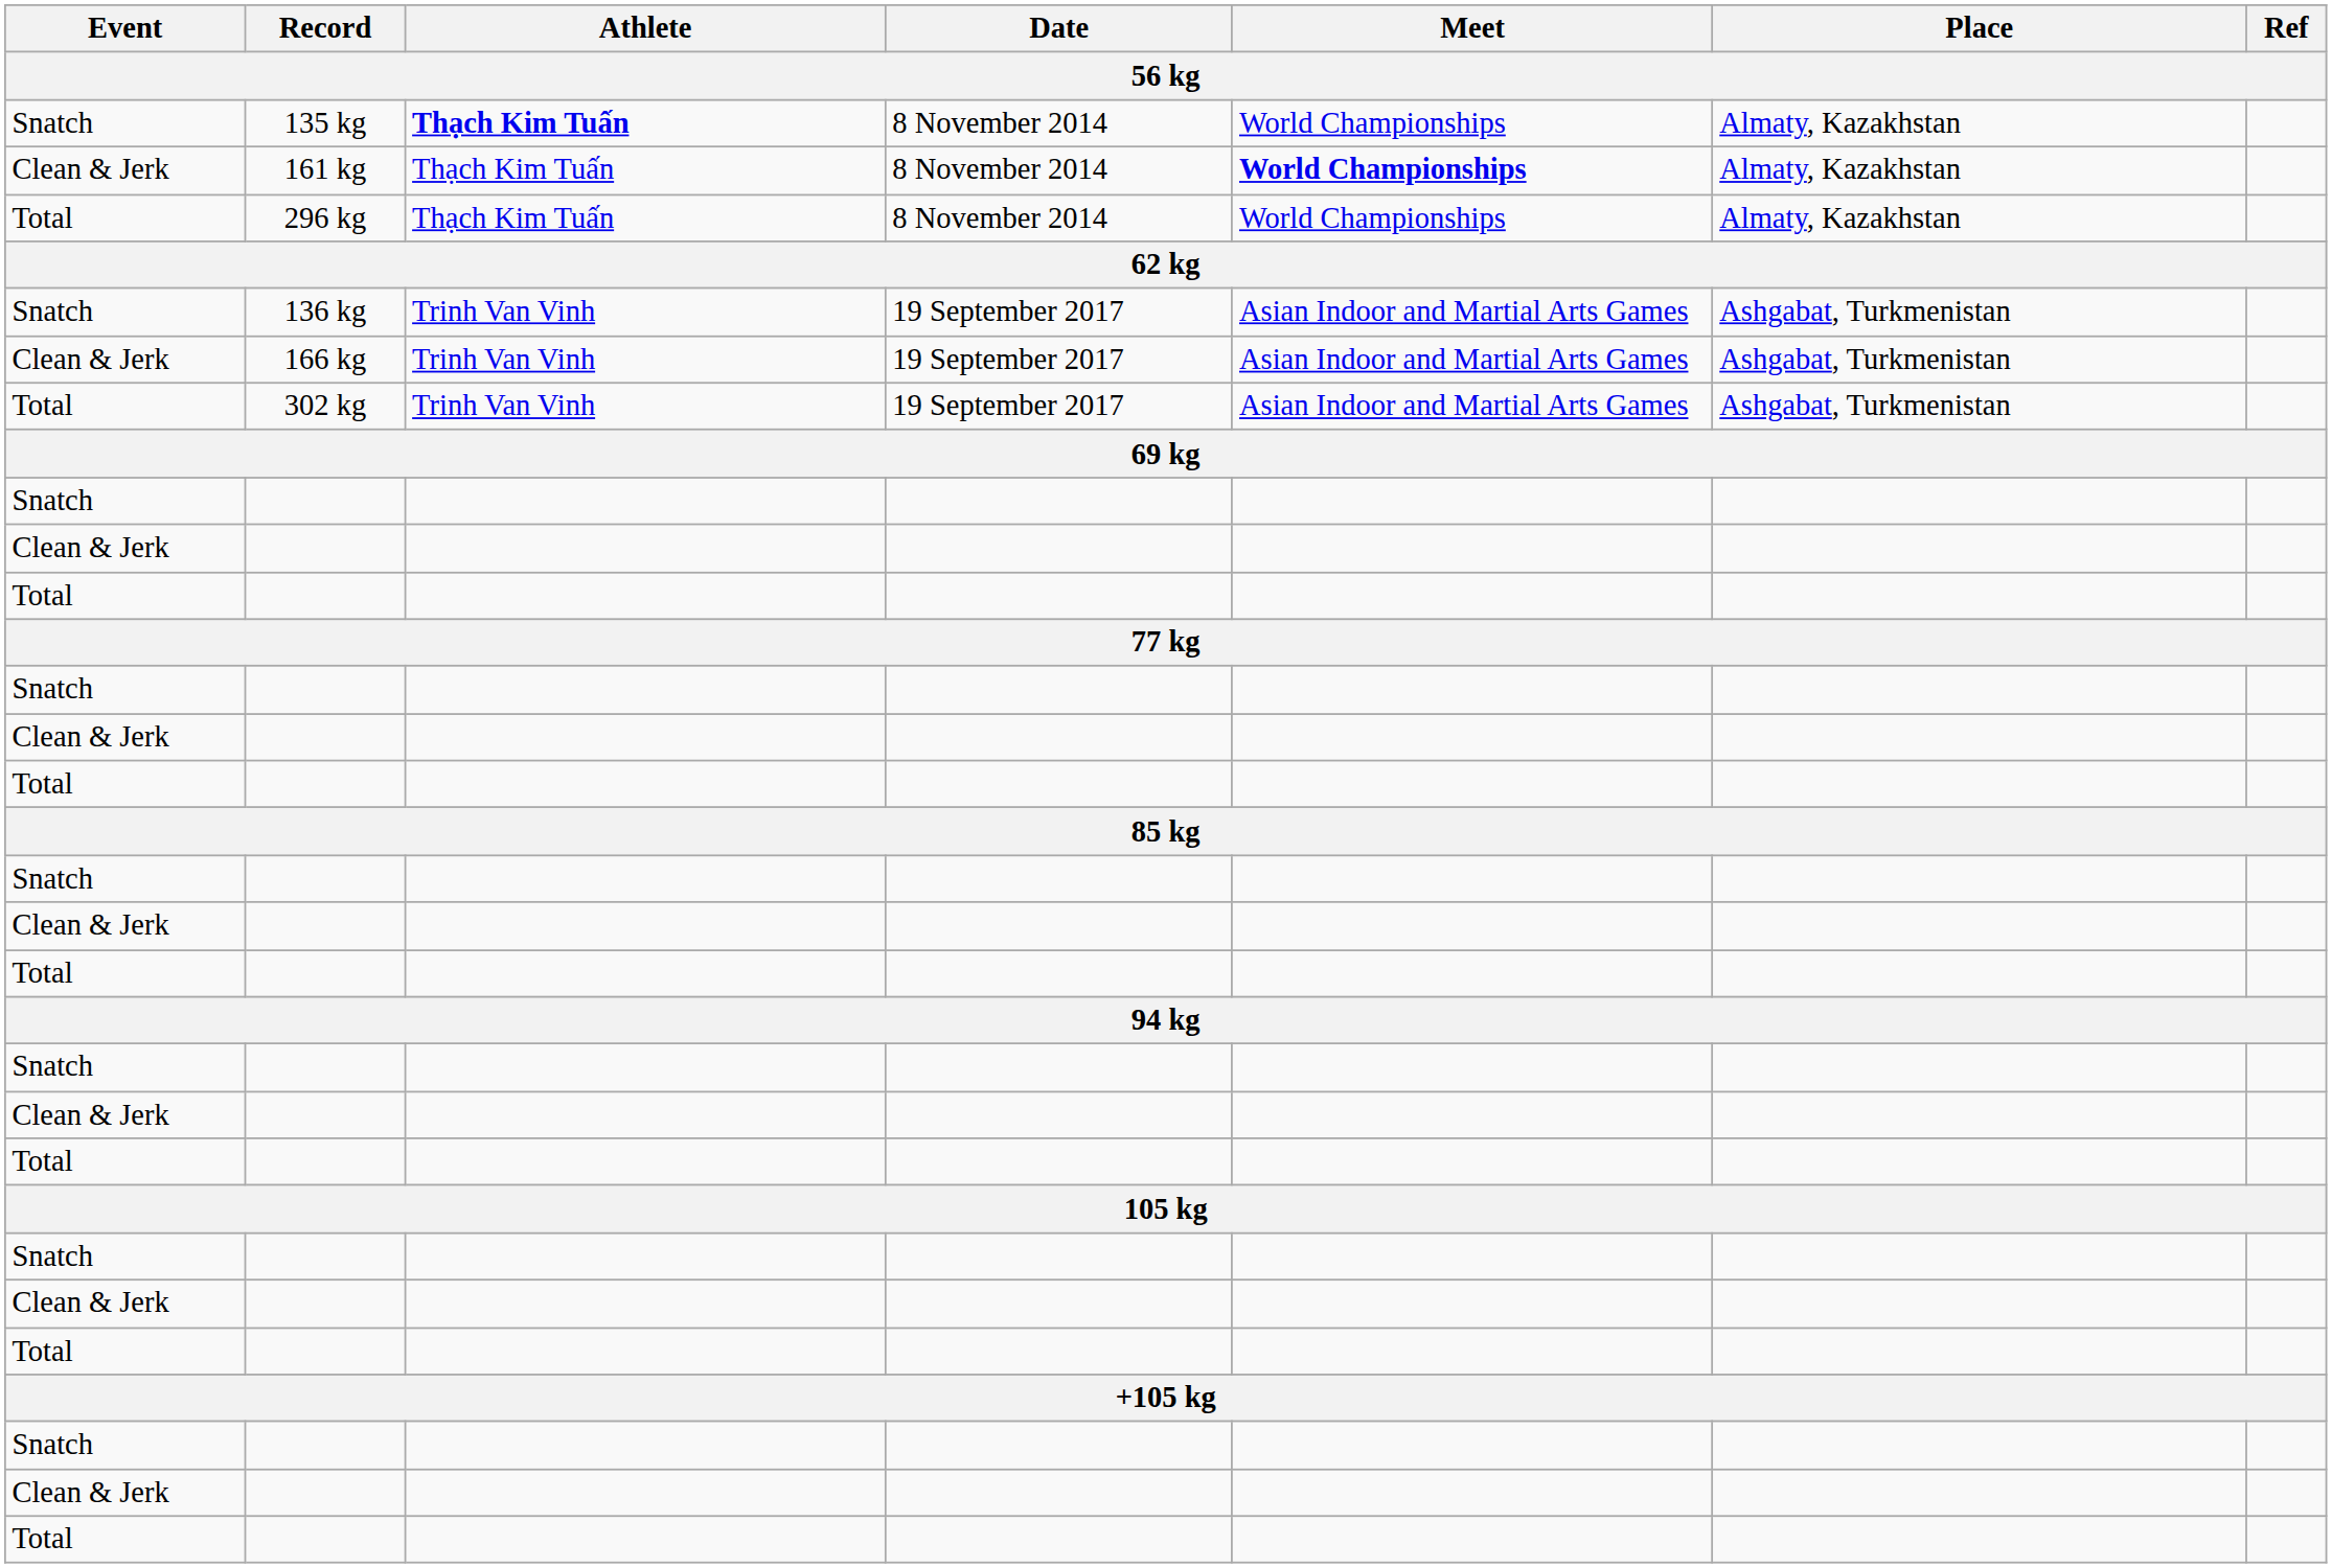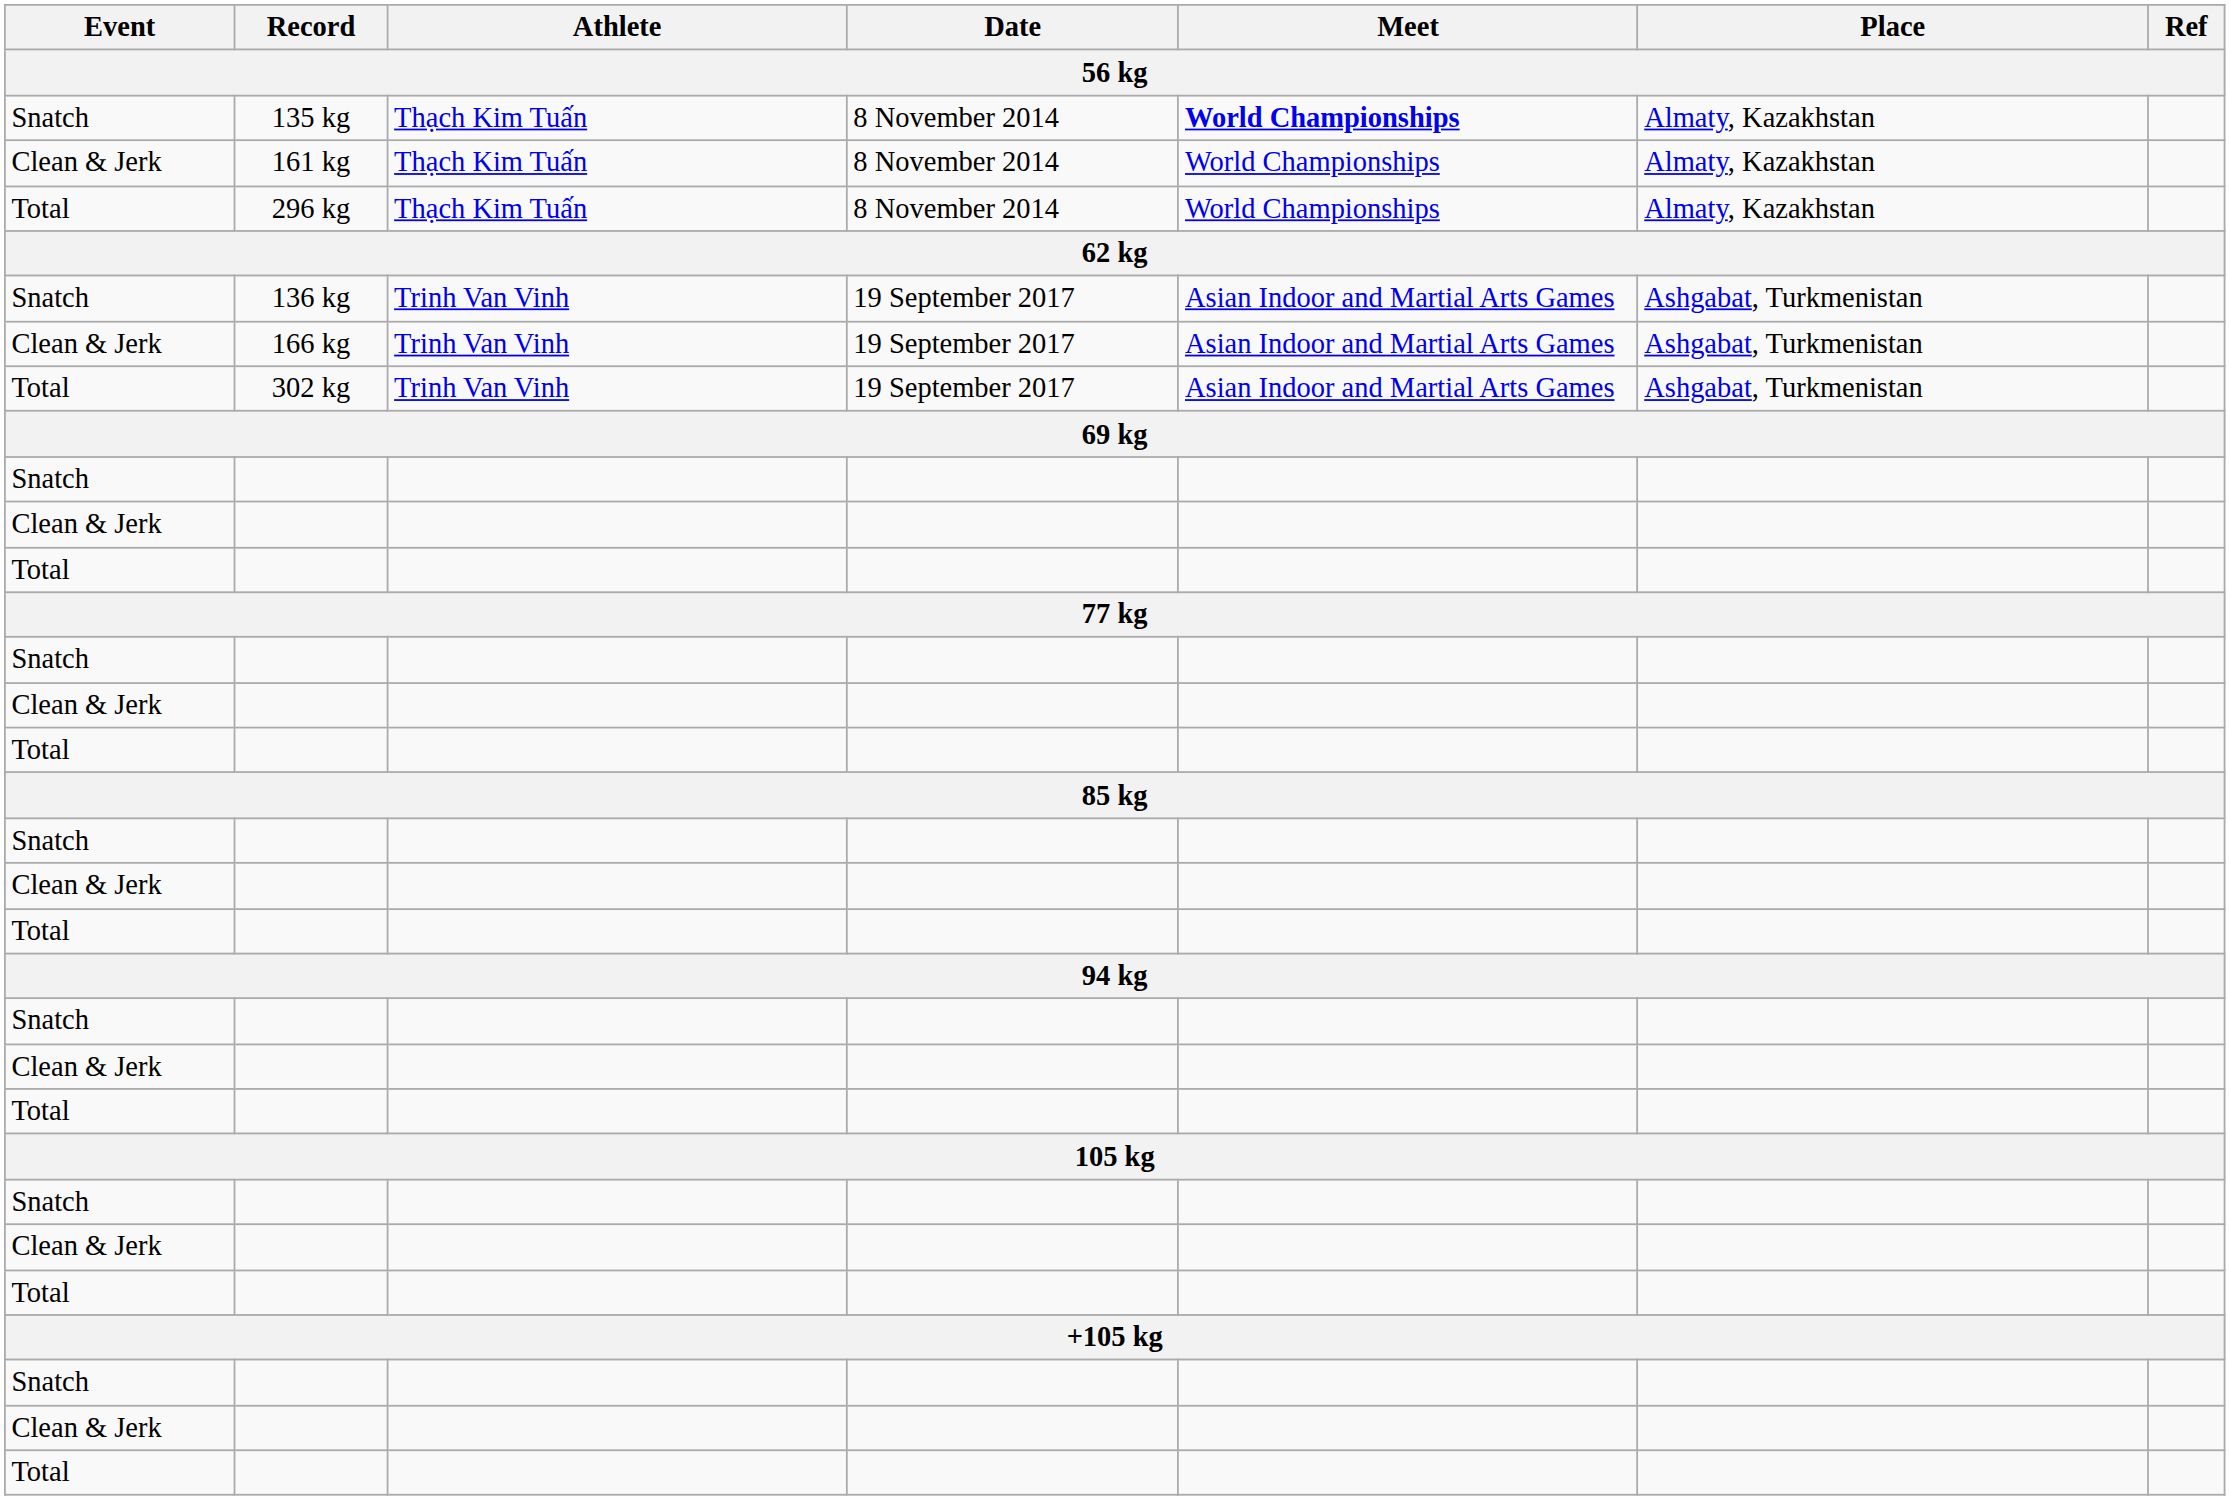 <table class="wikitable">
 <tr>
 <th width=9%>Event</th>
 <th width=6%>Record</th>
 <th width=18%>Athlete</th>
 <th width=13%>Date</th>
 <th width=18%>Meet</th>
 <th width=20%>Place</th>
 <th width=3%>Ref</th>
 </tr>
 <tr bgcolor="#DDDDDD">
 <th colspan="8">56 kg</th>
 </tr>
 <tr>
 <td>Snatch</td>
 <td align="center">135 kg</td>
-<td><strong><a href='#'>Thạch Kim Tuấn</a></strong></td>
+<td><a href='#'>Thạch Kim Tuấn</a></td>
 <td>8 November 2014</td>
-<td><a href='#'>World Championships</a></td>
+<td><strong><a href='#'>World Championships</a></strong></td>
 <td><a href='#'>Almaty</a>, Kazakhstan</td>
 <td></td>
 </tr>
 <tr>
 <td>Clean & Jerk</td>
 <td align="center">161 kg</td>
 <td><a href='#'>Thạch Kim Tuấn</a></td>
 <td>8 November 2014</td>
-<td><strong><a href='#'>World Championships</a></strong></td>
+<td><a href='#'>World Championships</a></td>
 <td><a href='#'>Almaty</a>, Kazakhstan</td>
 <td></td>
 </tr>
 <tr>
 <td>Total</td>
 <td align="center">296 kg</td>
 <td><a href='#'>Thạch Kim Tuấn</a></td>
 <td>8 November 2014</td>
 <td><a href='#'>World Championships</a></td>
 <td><a href='#'>Almaty</a>, Kazakhstan</td>
 <td></td>
 </tr>
 <tr bgcolor="#DDDDDD">
 <th colspan="8">62 kg</th>
 </tr>
 <tr>
 <td>Snatch</td>
 <td align="center">136 kg</td>
 <td><a href='#'>Trinh Van Vinh</a></td>
 <td>19 September 2017</td>
 <td><a href='#'>Asian Indoor and Martial Arts Games</a></td>
 <td><a href='#'>Ashgabat</a>, Turkmenistan</td>
 <td></td>
 </tr>
 <tr>
 <td>Clean & Jerk</td>
 <td align="center">166 kg</td>
 <td><a href='#'>Trinh Van Vinh</a></td>
 <td>19 September 2017</td>
 <td><a href='#'>Asian Indoor and Martial Arts Games</a></td>
 <td><a href='#'>Ashgabat</a>, Turkmenistan</td>
 <td></td>
 </tr>
 <tr>
 <td>Total</td>
 <td align="center">302 kg</td>
 <td><a href='#'>Trinh Van Vinh</a></td>
 <td>19 September 2017</td>
 <td><a href='#'>Asian Indoor and Martial Arts Games</a></td>
 <td><a href='#'>Ashgabat</a>, Turkmenistan</td>
 <td></td>
 </tr>
 <tr bgcolor="#DDDDDD">
 <th colspan="8">69 kg</th>
 </tr>
 <tr>
 <td>Snatch</td>
 <td></td>
 <td></td>
 <td></td>
 <td></td>
 <td></td>
 <td></td>
 </tr>
 <tr>
 <td>Clean & Jerk</td>
 <td align="center"></td>
 <td></td>
 <td></td>
 <td></td>
 <td></td>
 <td></td>
 </tr>
 <tr>
 <td>Total</td>
 <td></td>
 <td></td>
 <td></td>
 <td></td>
 <td></td>
 <td></td>
 </tr>
 <tr bgcolor="#DDDDDD">
 <th colspan="8">77 kg</th>
 </tr>
 <tr>
 <td>Snatch</td>
 <td></td>
 <td></td>
 <td></td>
 <td></td>
 <td></td>
 <td></td>
 </tr>
 <tr>
 <td>Clean & Jerk</td>
 <td></td>
 <td></td>
 <td></td>
 <td></td>
 <td></td>
 <td></td>
 </tr>
 <tr>
 <td>Total</td>
 <td></td>
 <td></td>
 <td></td>
 <td></td>
 <td></td>
 <td></td>
 </tr>
 <tr bgcolor="#DDDDDD">
 <th colspan="8">85 kg</th>
 </tr>
 <tr>
 <td>Snatch</td>
 <td align="center"></td>
 <td></td>
 <td></td>
 <td></td>
 <td></td>
 <td></td>
 </tr>
 <tr>
 <td>Clean & Jerk</td>
 <td align="center"></td>
 <td></td>
 <td></td>
 <td></td>
 <td></td>
 <td></td>
 </tr>
 <tr>
 <td>Total</td>
 <td align="center"></td>
 <td></td>
 <td></td>
 <td></td>
 <td></td>
 <td></td>
 </tr>
 <tr bgcolor="#DDDDDD">
 <th colspan="8">94 kg</th>
 </tr>
 <tr>
 <td>Snatch</td>
 <td align="center"></td>
 <td></td>
 <td></td>
 <td></td>
 <td></td>
 <td></td>
 </tr>
 <tr>
 <td>Clean & Jerk</td>
 <td align="center"></td>
 <td></td>
 <td></td>
 <td></td>
 <td></td>
 <td></td>
 </tr>
 <tr>
 <td>Total</td>
 <td align="center"></td>
 <td></td>
 <td></td>
 <td></td>
 <td></td>
 <td></td>
 </tr>
 <tr bgcolor="#DDDDDD">
 <th colspan="8">105 kg</th>
 </tr>
 <tr>
 <td>Snatch</td>
 <td></td>
 <td></td>
 <td></td>
 <td></td>
 <td></td>
 <td></td>
 </tr>
 <tr>
 <td>Clean & Jerk</td>
 <td align="center"></td>
 <td></td>
 <td></td>
 <td></td>
 <td></td>
 <td></td>
 </tr>
 <tr>
 <td>Total</td>
 <td></td>
 <td></td>
 <td></td>
 <td></td>
 <td></td>
 <td></td>
 </tr>
 <tr bgcolor="#DDDDDD">
 <th colspan="8">+105 kg</th>
 </tr>
 <tr>
 <td>Snatch</td>
 <td align="center"></td>
 <td></td>
 <td></td>
 <td></td>
 <td></td>
 <td></td>
 </tr>
 <tr>
 <td>Clean & Jerk</td>
 <td></td>
 <td></td>
 <td></td>
 <td></td>
 <td></td>
 <td></td>
 </tr>
 <tr>
 <td>Total</td>
 <td></td>
 <td></td>
 <td></td>
 <td></td>
 <td></td>
 <td></td>
 </tr>
 </table>
